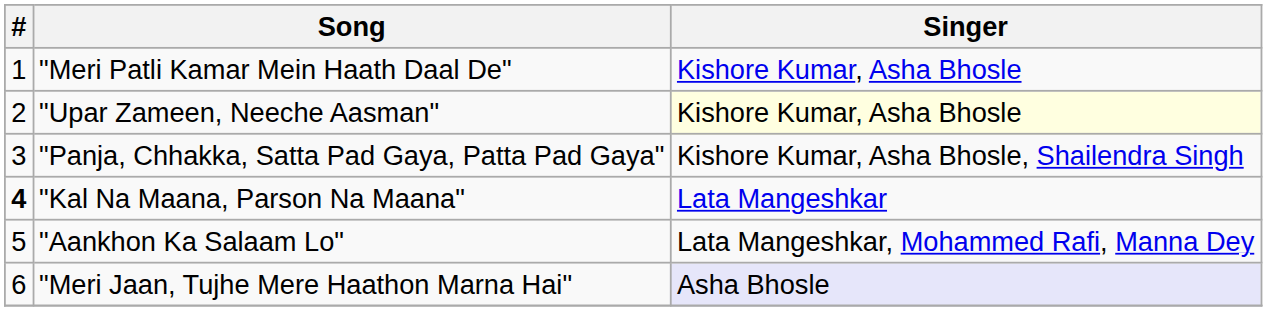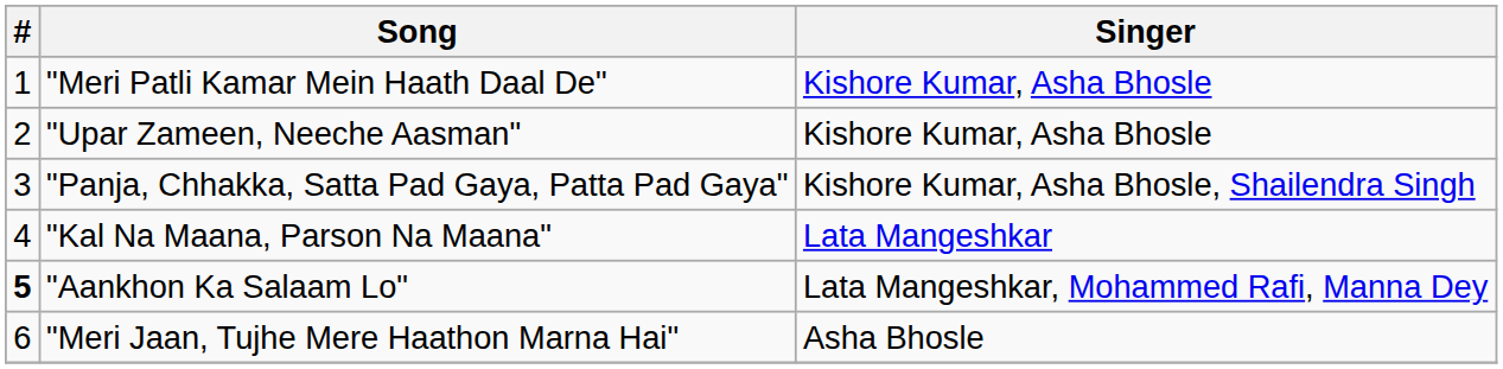 <table class=wikitable style="font-size:95%;">
 <tr>
 <th>#</th>
 <th>Song</th>
 <th>Singer</th>
 </tr>
 <tr>
 <td>1</td>
 <td>"Meri Patli Kamar Mein Haath Daal De"</td>
 <td><a href='#'>Kishore Kumar</a>, <a href='#'>Asha Bhosle</a></td>
 </tr>
 <tr>
 <td>2</td>
 <td>"Upar Zameen, Neeche Aasman"</td>
-<td style="background: lightyellow;">Kishore Kumar, Asha Bhosle</td>
+<td>Kishore Kumar, Asha Bhosle</td>
 </tr>
 <tr>
 <td>3</td>
 <td>"Panja, Chhakka, Satta Pad Gaya, Patta Pad Gaya"</td>
 <td>Kishore Kumar, Asha Bhosle, <a href='#'>Shailendra Singh</a></td>
 </tr>
 <tr>
-<td><strong>4</strong></td>
+<td>4</td>
 <td>"Kal Na Maana, Parson Na Maana"</td>
 <td><a href='#'>Lata Mangeshkar</a></td>
 </tr>
 <tr>
-<td>5</td>
+<td><strong>5</strong></td>
 <td>"Aankhon Ka Salaam Lo"</td>
 <td>Lata Mangeshkar, <a href='#'>Mohammed Rafi</a>, <a href='#'>Manna Dey</a></td>
 </tr>
 <tr>
 <td>6</td>
 <td>"Meri Jaan, Tujhe Mere Haathon Marna Hai"</td>
-<td style="background: lavender;">Asha Bhosle</td>
+<td>Asha Bhosle</td>
 </tr>
 <tr>
 </tr>
 </table>
